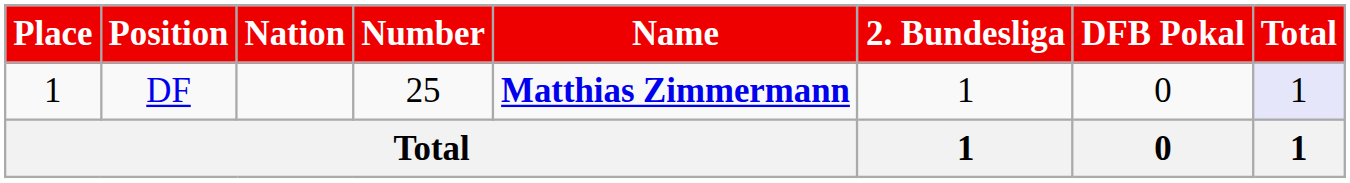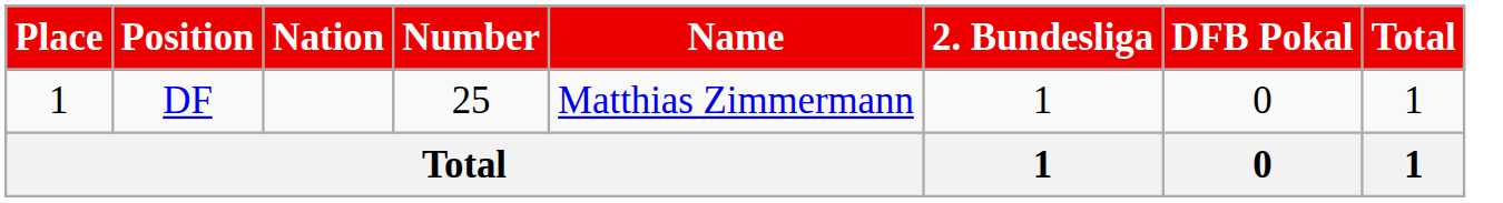 <table class="wikitable" style="font-size: 95%; text-align: center">
 <tr>
 <th style="background:#EF0000; color:white; text-align:center;"!width=80>Place</th>
 <th style="background:#EF0000; color:white; text-align:center;"!width=80>Position</th>
 <th style="background:#EF0000; color:white; text-align:center;"!width=80>Nation</th>
 <th style="background:#EF0000; color:white; text-align:center;"!width=80>Number</th>
 <th style="background:#EF0000; color:white; text-align:center;"!width=150>Name</th>
 <th style="background:#EF0000; color:white; text-align:center;"!width=150>2. Bundesliga</th>
 <th style="background:#EF0000; color:white; text-align:center;"!width=150>DFB Pokal</th>
 <th style="background:#EF0000; color:white; text-align:center;"!width=80>Total</th>
 </tr>
 <tr>
 <td rowspan=1>1</td>
 <td><a href='#'>DF</a></td>
 <td></td>
 <td>25</td>
-<td><strong><a href='#'>Matthias Zimmermann</a></strong></td>
+<td><a href='#'>Matthias Zimmermann</a></td>
 <td>1</td>
 <td>0</td>
-<td style="background: lavender;">1</td>
+<td>1</td>
 </tr>
 <tr>
 <th colspan=5>Total</th>
 <th>1</th>
 <th>0</th>
 <th>1</th>
 </tr>
 </table>
